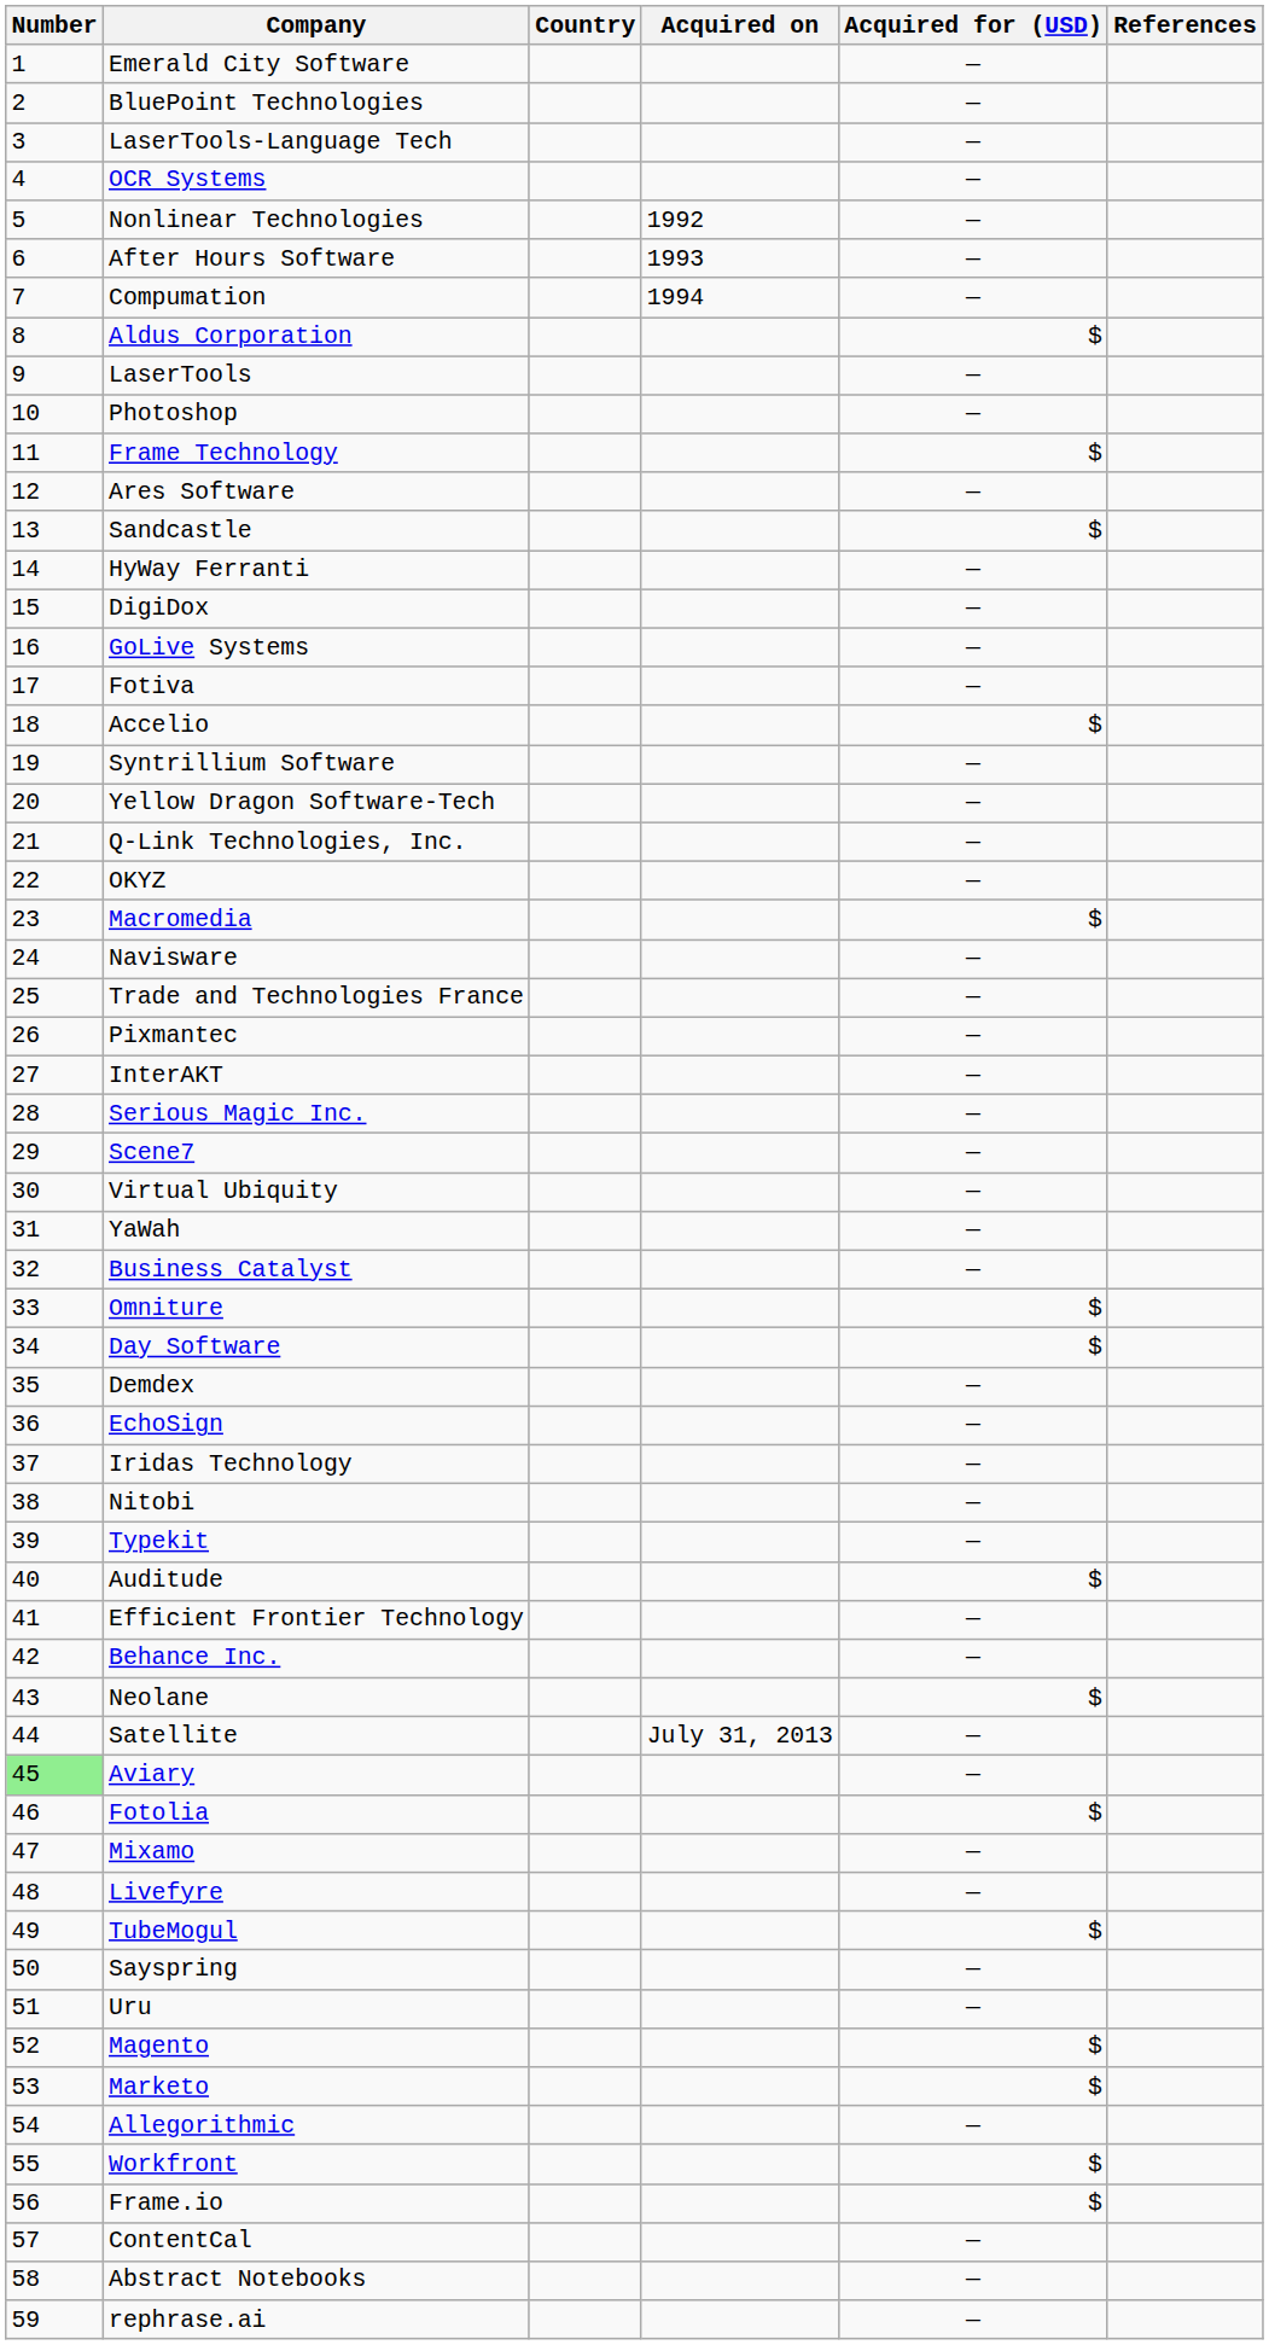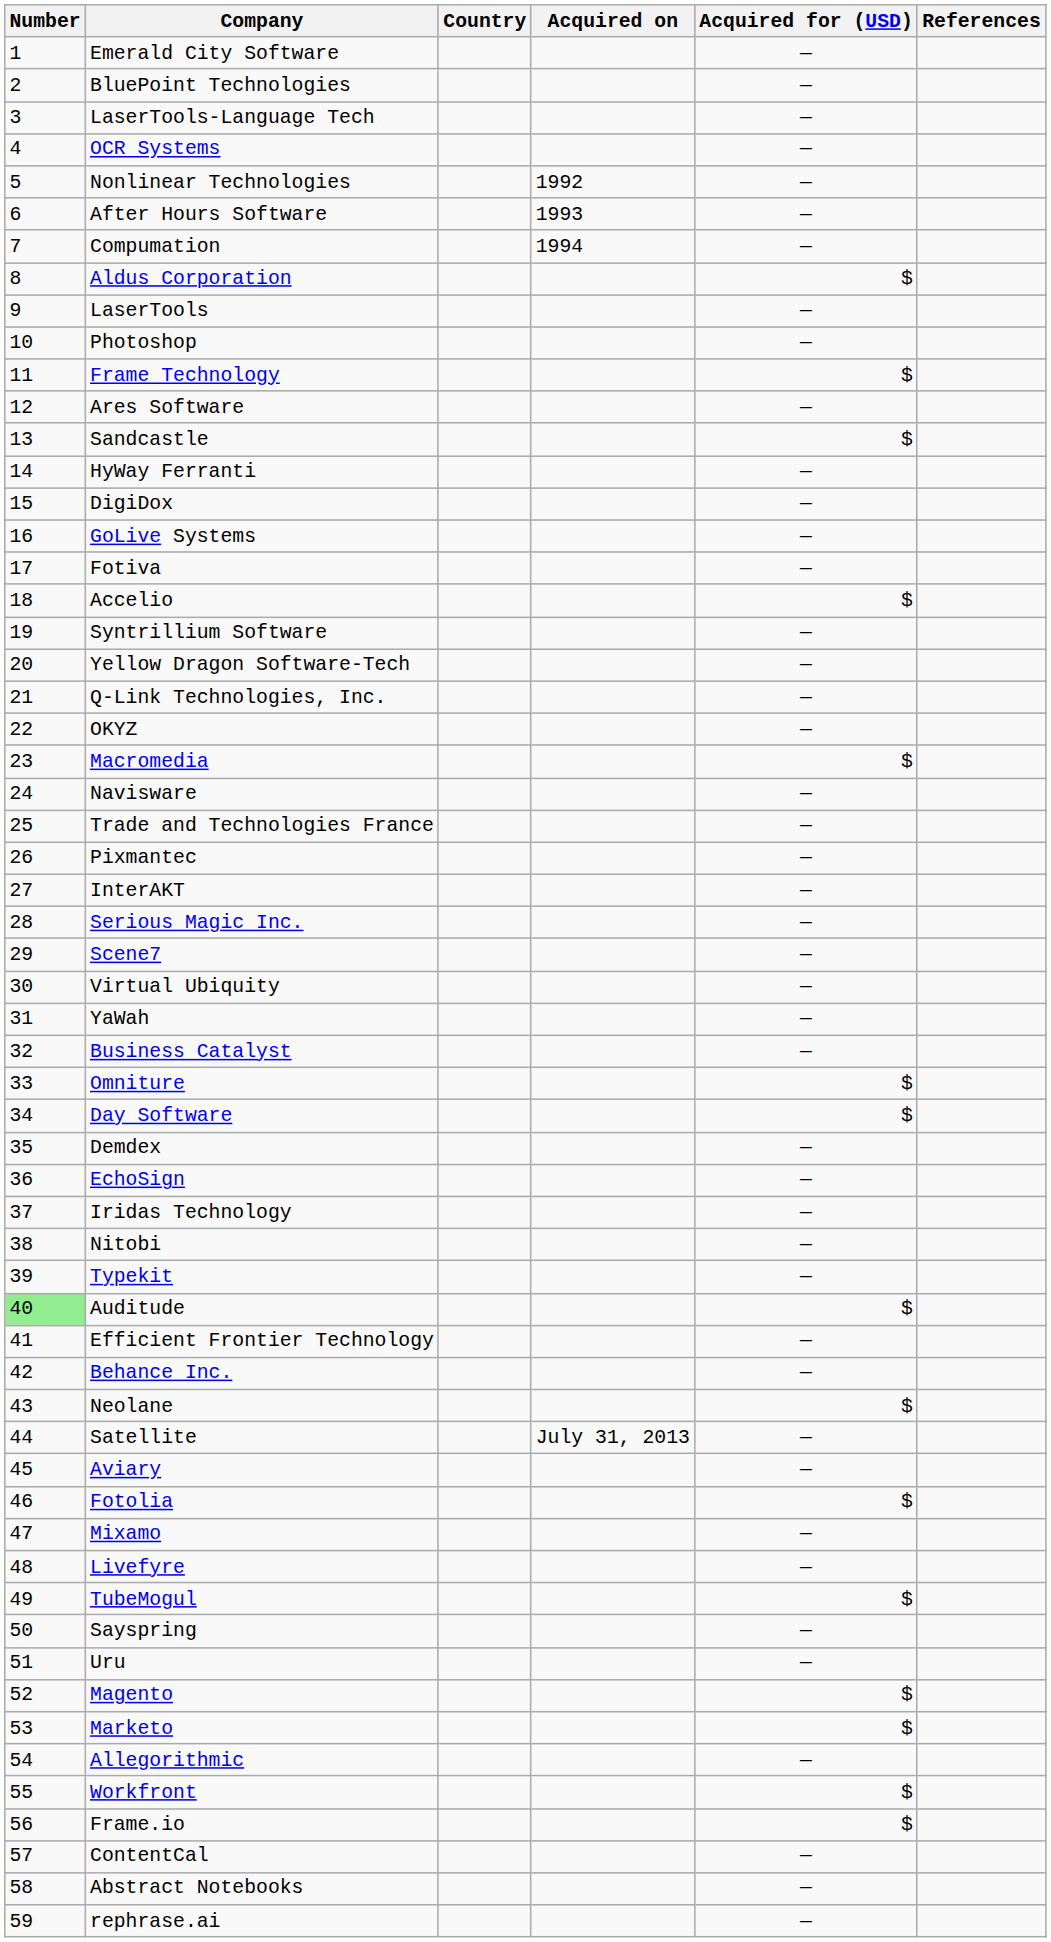 <table class="wikitable sortable">
 <tr>
 <th>Number</th>
 <th>Company</th>
 <th>Country</th>
 <th>Acquired on</th>
 <th>Acquired for (<a href='#'>USD</a>)</th>
 <th class="unsortable">References</th>
 </tr>
 <tr>
 <td>1</td>
 <td>Emerald City Software</td>
 <td></td>
 <td></td>
 <td align="center">—</td>
 <td align="center"></td>
 </tr>
 <tr>
 <td>2</td>
 <td>BluePoint Technologies</td>
 <td></td>
 <td></td>
 <td align="center">—</td>
 <td align="center"></td>
 </tr>
 <tr>
 <td>3</td>
 <td>LaserTools-Language Tech</td>
 <td></td>
 <td></td>
 <td align="center">—</td>
 <td align="center"></td>
 </tr>
 <tr>
 <td>4</td>
 <td><a href='#'>OCR Systems</a></td>
 <td></td>
 <td></td>
 <td align="center">—</td>
 <td align="center"><br></td>
 </tr>
 <tr>
 <td>5</td>
 <td>Nonlinear Technologies</td>
 <td></td>
 <td>1992</td>
 <td align="center">—</td>
 <td align="center"></td>
 </tr>
 <tr>
 <td>6</td>
 <td>After Hours Software</td>
 <td></td>
 <td>1993</td>
 <td align="center">—</td>
 <td align="center"></td>
 </tr>
 <tr>
 <td>7</td>
 <td>Compumation</td>
 <td></td>
 <td>1994</td>
 <td align="center">—</td>
 <td align="center"></td>
 </tr>
 <tr>
 <td>8</td>
 <td><a href='#'>Aldus Corporation</a></td>
 <td></td>
 <td></td>
 <td align="right">$</td>
 <td align="center"></td>
 </tr>
 <tr>
 <td>9</td>
 <td>LaserTools</td>
 <td></td>
 <td></td>
 <td align="center">—</td>
 <td align="center"></td>
 </tr>
 <tr>
 <td>10</td>
 <td>Photoshop</td>
 <td></td>
 <td></td>
 <td align="center">—</td>
 <td align="center"></td>
 </tr>
 <tr>
 <td>11</td>
 <td><a href='#'>Frame Technology</a></td>
 <td></td>
 <td></td>
 <td align="right">$</td>
 <td align="center"></td>
 </tr>
 <tr>
 <td>12</td>
 <td>Ares Software</td>
 <td></td>
 <td></td>
 <td align="center">—</td>
 <td align="center"></td>
 </tr>
 <tr>
 <td>13</td>
 <td>Sandcastle</td>
 <td></td>
 <td></td>
 <td align="right">$</td>
 <td align="center"></td>
 </tr>
 <tr>
 <td>14</td>
 <td>HyWay Ferranti</td>
 <td></td>
 <td></td>
 <td align="center">—</td>
 <td align="center"></td>
 </tr>
 <tr>
 <td>15</td>
 <td>DigiDox</td>
 <td></td>
 <td></td>
 <td align="center">—</td>
 <td align="center"></td>
 </tr>
 <tr>
 <td>16</td>
 <td><a href='#'>GoLive</a> Systems</td>
 <td></td>
 <td></td>
 <td align="center">—</td>
 <td align="center"></td>
 </tr>
 <tr>
 <td>17</td>
 <td>Fotiva</td>
 <td></td>
 <td></td>
 <td align="center">—</td>
 <td align="center"></td>
 </tr>
 <tr>
 <td>18</td>
 <td>Accelio</td>
 <td></td>
 <td></td>
 <td align="right">$</td>
 <td align="center"></td>
 </tr>
 <tr>
 <td>19</td>
 <td>Syntrillium Software</td>
 <td></td>
 <td></td>
 <td align="center">—</td>
 <td align="center"></td>
 </tr>
 <tr>
 <td>20</td>
 <td>Yellow Dragon Software-Tech</td>
 <td></td>
 <td></td>
 <td align="center">—</td>
 <td align="center"></td>
 </tr>
 <tr>
 <td>21</td>
 <td>Q-Link Technologies, Inc.</td>
 <td></td>
 <td></td>
 <td align="center">—</td>
 <td align="center"></td>
 </tr>
 <tr>
 <td>22</td>
 <td>OKYZ</td>
 <td></td>
 <td></td>
 <td align="center">—</td>
 <td align="center"></td>
 </tr>
 <tr>
 <td>23</td>
 <td><a href='#'>Macromedia</a></td>
 <td></td>
 <td></td>
 <td align="right">$</td>
 <td align="center"></td>
 </tr>
 <tr>
 <td>24</td>
 <td>Navisware</td>
 <td></td>
 <td></td>
 <td align="center">—</td>
 <td align="center"></td>
 </tr>
 <tr>
 <td>25</td>
 <td>Trade and Technologies France</td>
 <td></td>
 <td></td>
 <td align="center">—</td>
 <td align="center"></td>
 </tr>
 <tr>
 <td>26</td>
 <td>Pixmantec</td>
 <td></td>
 <td></td>
 <td align="center">—</td>
 <td align="center"></td>
 </tr>
 <tr>
 <td>27</td>
 <td>InterAKT</td>
 <td></td>
 <td></td>
 <td align="center">—</td>
 <td align="center"></td>
 </tr>
 <tr>
 <td>28</td>
 <td><a href='#'>Serious Magic Inc.</a></td>
 <td></td>
 <td></td>
 <td align="center">—</td>
 <td align="center"></td>
 </tr>
 <tr>
 <td>29</td>
 <td><a href='#'>Scene7</a></td>
 <td></td>
 <td></td>
 <td align="center">—</td>
 <td align="center"></td>
 </tr>
 <tr>
 <td>30</td>
 <td>Virtual Ubiquity</td>
 <td></td>
 <td></td>
 <td align="center">—</td>
 <td align="center"></td>
 </tr>
 <tr>
 <td>31</td>
 <td>YaWah</td>
 <td></td>
 <td></td>
 <td align="center">—</td>
 <td align="center"></td>
 </tr>
 <tr>
 <td>32</td>
 <td><a href='#'>Business Catalyst</a></td>
 <td></td>
 <td></td>
 <td align="center">—</td>
 <td align="center"></td>
 </tr>
 <tr>
 <td>33</td>
 <td><a href='#'>Omniture</a></td>
 <td></td>
 <td></td>
 <td align="right">$</td>
 <td align="center"></td>
 </tr>
 <tr>
 <td>34</td>
 <td><a href='#'>Day Software</a></td>
 <td></td>
 <td></td>
 <td align="right">$</td>
 <td align="center"></td>
 </tr>
 <tr>
 <td>35</td>
 <td>Demdex</td>
 <td></td>
 <td></td>
 <td align="center">—</td>
 <td align="center"></td>
 </tr>
 <tr>
 <td>36</td>
 <td><a href='#'>EchoSign</a></td>
 <td></td>
 <td></td>
 <td align="center">—</td>
 <td align="center"></td>
 </tr>
 <tr>
 <td>37</td>
 <td>Iridas Technology</td>
 <td></td>
 <td></td>
 <td align="center">—</td>
 <td align="center"></td>
 </tr>
 <tr>
 <td>38</td>
 <td>Nitobi</td>
 <td></td>
 <td></td>
 <td align="center">—</td>
 <td align="center"></td>
 </tr>
 <tr>
 <td>39</td>
 <td><a href='#'>Typekit</a></td>
 <td></td>
 <td></td>
 <td align="center">—</td>
 <td align="center"></td>
 </tr>
 <tr>
-<td>40</td>
+<td style="background: lightgreen;">40</td>
 <td>Auditude</td>
 <td></td>
 <td></td>
 <td align="right">$</td>
 <td align="center"></td>
 </tr>
 <tr>
 <td>41</td>
 <td>Efficient Frontier Technology</td>
 <td></td>
 <td></td>
 <td align="center">—</td>
 <td align="center"></td>
 </tr>
 <tr>
 <td>42</td>
 <td><a href='#'>Behance Inc.</a></td>
 <td></td>
 <td></td>
 <td align="center">—</td>
 <td align="center"></td>
 </tr>
 <tr>
 <td>43</td>
 <td>Neolane</td>
 <td></td>
 <td></td>
 <td align="right">$</td>
 <td align="center"></td>
 </tr>
 <tr>
 <td>44</td>
 <td>Satellite</td>
 <td></td>
 <td>July 31, 2013</td>
 <td align="center">—</td>
 <td></td>
 </tr>
 <tr>
-<td style="background: lightgreen;">45</td>
+<td>45</td>
 <td><a href='#'>Aviary</a></td>
 <td></td>
 <td></td>
 <td align="center">—</td>
 <td align="center"></td>
 </tr>
 <tr>
 <td>46</td>
 <td><a href='#'>Fotolia</a></td>
 <td></td>
 <td></td>
 <td align="right">$</td>
 <td align="center"></td>
 </tr>
 <tr>
 <td>47</td>
 <td><a href='#'>Mixamo</a></td>
 <td></td>
 <td></td>
 <td align="center">—</td>
 <td align="center"></td>
 </tr>
 <tr>
 <td>48</td>
 <td><a href='#'>Livefyre</a></td>
 <td></td>
 <td></td>
 <td align="center">—</td>
 <td align="center"></td>
 </tr>
 <tr>
 <td>49</td>
 <td><a href='#'>TubeMogul</a></td>
 <td></td>
 <td></td>
 <td align="right">$</td>
 <td align="center"></td>
 </tr>
 <tr>
 <td>50</td>
 <td>Sayspring</td>
 <td></td>
 <td></td>
 <td align="center">—</td>
 <td align="center"></td>
 </tr>
 <tr>
 <td>51</td>
 <td>Uru</td>
 <td></td>
 <td></td>
 <td align="center">—</td>
 <td align="center"></td>
 </tr>
 <tr>
 <td>52</td>
 <td><a href='#'>Magento</a></td>
 <td></td>
 <td></td>
 <td align="right">$</td>
 <td align="center"></td>
 </tr>
 <tr>
 <td>53</td>
 <td><a href='#'>Marketo</a></td>
 <td></td>
 <td></td>
 <td align="right">$</td>
 <td align="center"></td>
 </tr>
 <tr>
 <td>54</td>
 <td><a href='#'>Allegorithmic</a></td>
 <td></td>
 <td></td>
 <td align="center">—</td>
 <td align="center"></td>
 </tr>
 <tr>
 <td>55</td>
 <td><a href='#'>Workfront</a></td>
 <td></td>
 <td></td>
 <td align="right">$</td>
 <td align="center"></td>
 </tr>
 <tr>
 <td>56</td>
 <td>Frame.io</td>
 <td></td>
 <td></td>
 <td align="right">$</td>
 <td align="center"></td>
 </tr>
 <tr>
 <td>57</td>
 <td>ContentCal</td>
 <td></td>
 <td></td>
 <td align="center">—</td>
 <td align="center"></td>
 </tr>
 <tr>
 <td>58</td>
 <td>Abstract Notebooks</td>
 <td></td>
 <td></td>
 <td align="center">—</td>
 <td align="center"></td>
 </tr>
 <tr>
 <td>59</td>
 <td>rephrase.ai</td>
 <td></td>
 <td></td>
 <td align="center">—</td>
 <td align="center"></td>
 </tr>
 </table>
